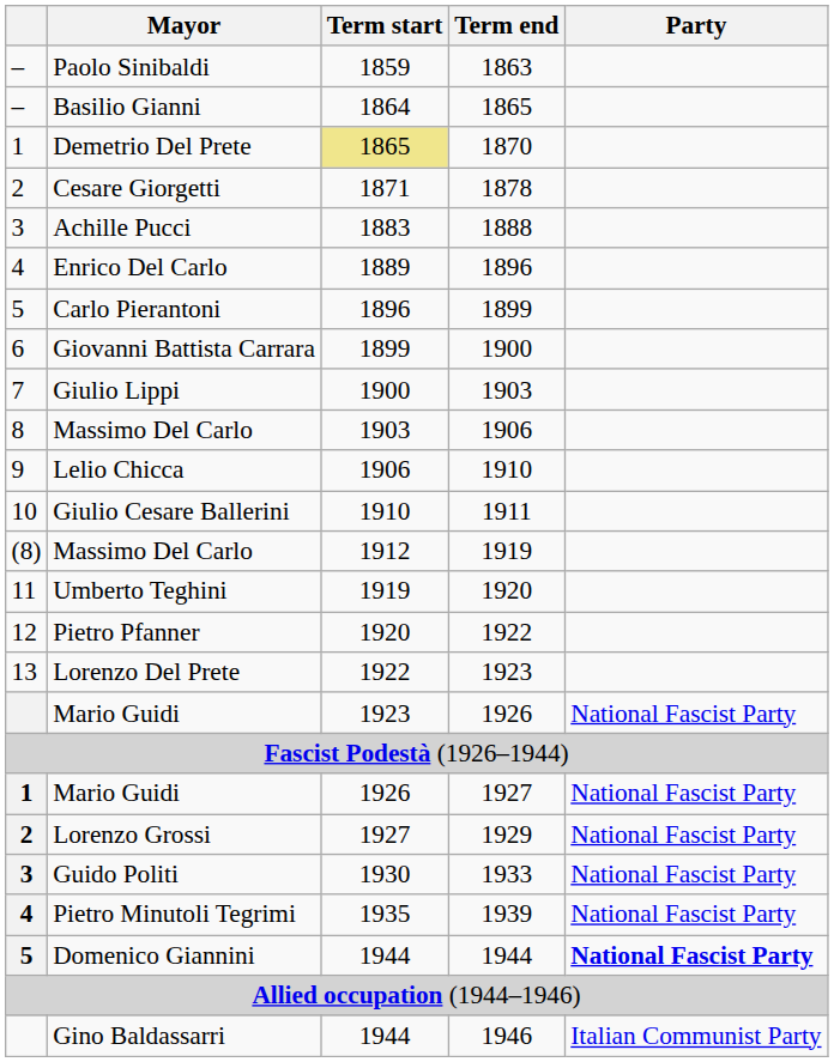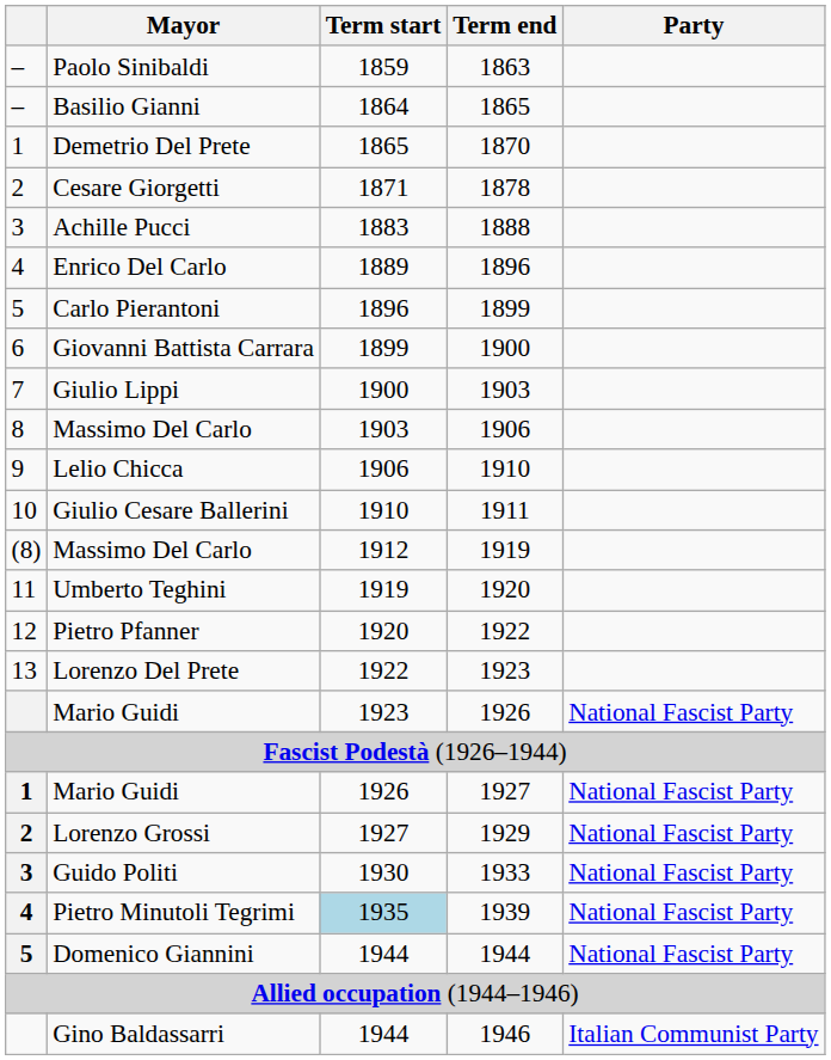 <table class="wikitable">
 <tr>
 <th class=unsortable> </th>
 <th>Mayor</th>
 <th>Term start</th>
 <th>Term end</th>
 <th>Party</th>
 </tr>
 <tr>
 <td bgcolor=>–</td>
 <td>Paolo Sinibaldi</td>
 <td align=center>1859</td>
 <td align=center>1863</td>
 <td></td>
 </tr>
 <tr>
 <td bgcolor=>–</td>
 <td>Basilio Gianni</td>
 <td align=center>1864</td>
 <td align=center>1865</td>
 <td></td>
 </tr>
 <tr>
 <td bgcolor=>1</td>
 <td>Demetrio Del Prete</td>
-<td align=center style="background: khaki;">1865</td>
+<td align=center>1865</td>
 <td align=center>1870</td>
 <td></td>
 </tr>
 <tr>
 <td bgcolor=>2</td>
 <td>Cesare Giorgetti</td>
 <td align=center>1871</td>
 <td align=center>1878</td>
 <td></td>
 </tr>
 <tr>
 <td bgcolor=>3</td>
 <td>Achille Pucci</td>
 <td align=center>1883</td>
 <td align=center>1888</td>
 <td></td>
 </tr>
 <tr>
 <td bgcolor=>4</td>
 <td>Enrico Del Carlo</td>
 <td align=center>1889</td>
 <td align=center>1896</td>
 <td></td>
 </tr>
 <tr>
 <td bgcolor=>5</td>
 <td>Carlo Pierantoni</td>
 <td align=center>1896</td>
 <td align=center>1899</td>
 <td></td>
 </tr>
 <tr>
 <td bgcolor=>6</td>
 <td>Giovanni Battista Carrara</td>
 <td align=center>1899</td>
 <td align=center>1900</td>
 <td></td>
 </tr>
 <tr>
 <td bgcolor=>7</td>
 <td>Giulio Lippi</td>
 <td align=center>1900</td>
 <td align=center>1903</td>
 <td></td>
 </tr>
 <tr>
 <td bgcolor=>8</td>
 <td>Massimo Del Carlo</td>
 <td align=center>1903</td>
 <td align=center>1906</td>
 <td></td>
 </tr>
 <tr>
 <td bgcolor=>9</td>
 <td>Lelio Chicca</td>
 <td align=center>1906</td>
 <td align=center>1910</td>
 <td></td>
 </tr>
 <tr>
 <td bgcolor=>10</td>
 <td>Giulio Cesare Ballerini</td>
 <td align=center>1910</td>
 <td align=center>1911</td>
 <td></td>
 </tr>
 <tr>
 <td bgcolor=>(8)</td>
 <td>Massimo Del Carlo</td>
 <td align=center>1912</td>
 <td align=center>1919</td>
 <td></td>
 </tr>
 <tr>
 <td bgcolor=>11</td>
 <td>Umberto Teghini</td>
 <td align=center>1919</td>
 <td align=center>1920</td>
 <td></td>
 </tr>
 <tr>
 <td bgcolor=>12</td>
 <td>Pietro Pfanner</td>
 <td align=center>1920</td>
 <td align=center>1922</td>
 <td></td>
 </tr>
 <tr>
 <td bgcolor=>13</td>
 <td>Lorenzo Del Prete</td>
 <td align=center>1922</td>
 <td align=center>1923</td>
 <td></td>
 </tr>
 <tr>
 <th rowspan=1 style="background:"></th>
 <td>Mario Guidi</td>
 <td align=center>1923</td>
 <td align=center>1926</td>
 <td><a href='#'>National Fascist Party</a></td>
 </tr>
 <tr>
 <td colspan="8" bgcolor="lightgrey" align=center><strong><a href='#'>Fascist Podestà</a></strong> (1926–1944)</td>
 </tr>
 <tr>
 <th rowspan=1 style="background:">1</th>
 <td>Mario Guidi</td>
 <td align=center>1926</td>
 <td align=center>1927</td>
 <td><a href='#'>National Fascist Party</a></td>
 </tr>
 <tr>
 <th rowspan=1 style="background:">2</th>
 <td>Lorenzo Grossi</td>
 <td align=center>1927</td>
 <td align=center>1929</td>
 <td><a href='#'>National Fascist Party</a></td>
 </tr>
 <tr>
 <th rowspan=1 style="background:">3</th>
 <td>Guido Politi</td>
 <td align=center>1930</td>
 <td align=center>1933</td>
 <td><a href='#'>National Fascist Party</a></td>
 </tr>
 <tr>
 <th rowspan=1 style="background:">4</th>
 <td>Pietro Minutoli Tegrimi</td>
-<td align=center>1935</td>
+<td align=center style="background: lightblue;">1935</td>
 <td align=center>1939</td>
 <td><a href='#'>National Fascist Party</a></td>
 </tr>
 <tr>
 <th rowspan=1 style="background:">5</th>
 <td>Domenico Giannini</td>
 <td align=center>1944</td>
 <td align=center>1944</td>
-<td><strong><a href='#'>National Fascist Party</a></strong></td>
+<td><a href='#'>National Fascist Party</a></td>
 </tr>
 <tr>
 <td colspan="8" bgcolor="lightgrey" align=center><strong><a href='#'>Allied occupation</a></strong> (1944–1946)</td>
 </tr>
 <tr>
 <td bgcolor=></td>
 <td>Gino Baldassarri</td>
 <td align=center>1944</td>
 <td align=center>1946</td>
 <td><a href='#'>Italian Communist Party</a></td>
 </tr>
 </table>
